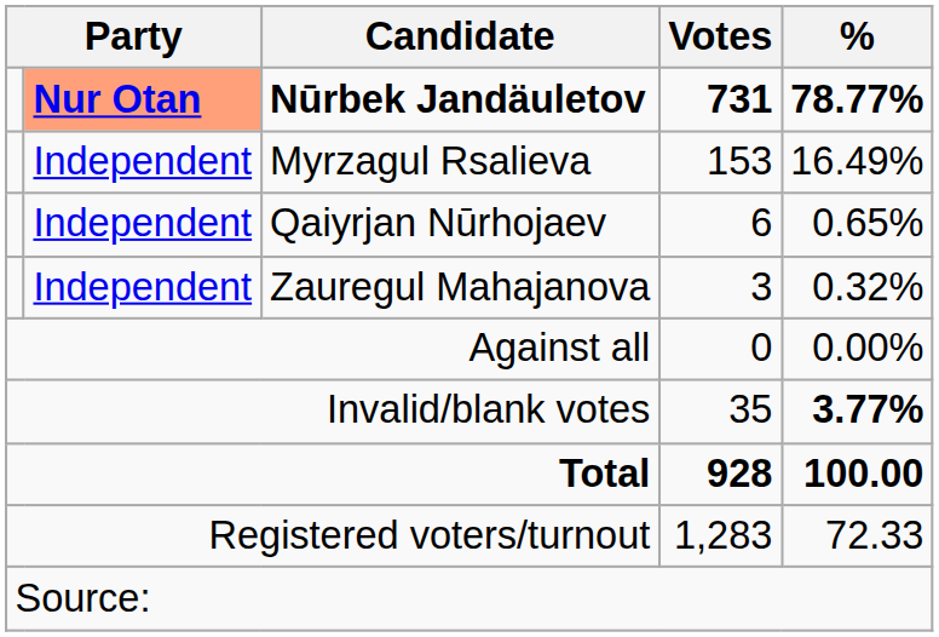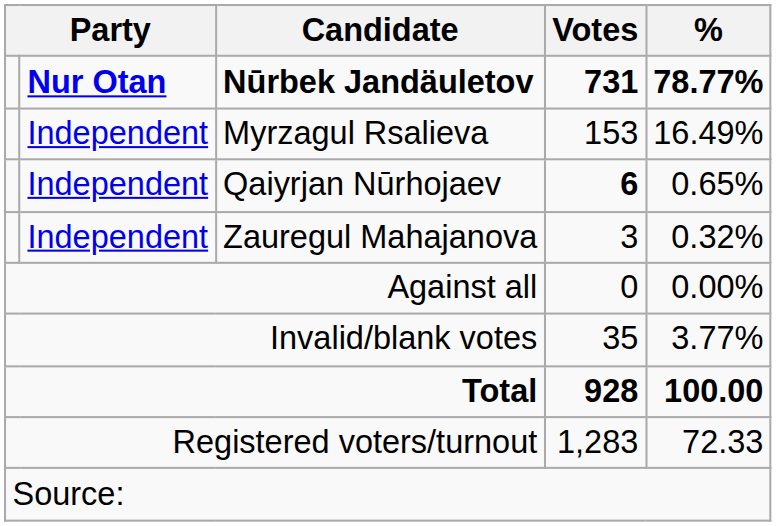 <table class="wikitable" style="text-align:right;">
 <tr>
 <th colspan="2">Party</th>
 <th scope="col">Candidate</th>
 <th scope="col">Votes</th>
 <th scope="col">%</th>
 </tr>
 <tr>
 <td style="background-color:"></td>
-<td rowspan="1" style="background: lightsalmon; text-align:left;" scope="row"><strong><a href='#'>Nur Otan</a></strong></td>
+<td rowspan="1" style="text-align:left;" scope="row"><strong><a href='#'>Nur Otan</a></strong></td>
 <td style="text-align: left;"><strong>Nūrbek Jandäuletov</strong></td>
 <td><strong>731</strong></td>
 <td><strong>78.77%</strong></td>
 </tr>
 <tr>
 <td style="background-color:"></td>
 <td rowspan="1" style="text-align:left;" scope="row"><a href='#'>Independent</a></td>
 <td style="text-align: left;">Myrzagul Rsalieva</td>
 <td>153</td>
 <td>16.49%</td>
 </tr>
 <tr>
 <td style="background-color:"></td>
 <td rowspan="1" style="text-align: left;" scope="row"><a href='#'>Independent</a></td>
 <td style="text-align: left;">Qaiyrjan Nūrhojaev</td>
-<td>6</td>
+<td><strong>6</strong></td>
 <td>0.65%</td>
 </tr>
 <tr>
 <td style="background-color:"></td>
 <td rowspan="1" style="text-align: left;" scope="row"><a href='#'>Independent</a></td>
 <td style="text-align: left;">Zauregul Mahajanova</td>
 <td>3</td>
 <td>0.32%</td>
 </tr>
 <tr>
 <td colspan="3">Against all</td>
 <td>0</td>
 <td>0.00%</td>
 </tr>
 <tr>
 <td colspan="3" rowspan="1">Invalid/blank votes</td>
 <td>35</td>
-<td><strong>3.77%</strong></td>
+<td>3.77%</td>
 </tr>
 <tr>
 <td colspan="3"><strong>Total</strong></td>
 <td><strong>928</strong></td>
 <td><strong>100.00</strong></td>
 </tr>
 <tr>
 <td colspan="3">Registered voters/turnout</td>
 <td>1,283</td>
 <td>72.33</td>
 </tr>
 <tr>
 <td colspan="5" style="text-align: left;">Source:   </td>
 </tr>
 </table>
